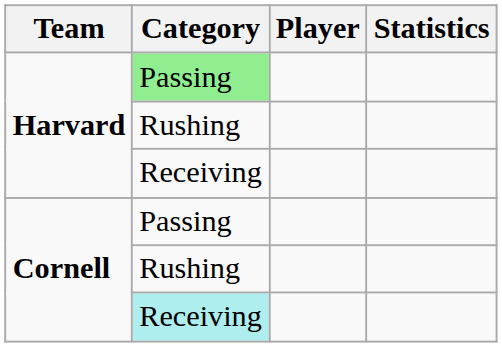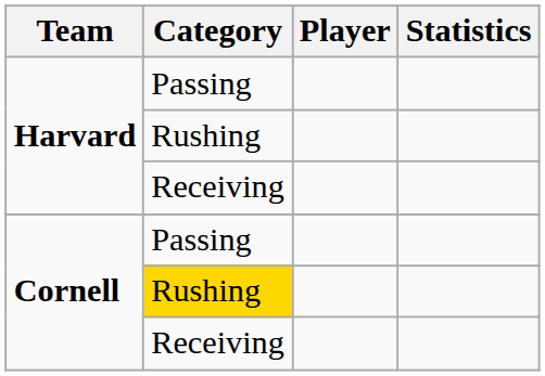 <table class="wikitable" style="float: right;">
 <tr>
 <th>Team</th>
 <th>Category</th>
 <th>Player</th>
 <th>Statistics</th>
 </tr>
 <tr>
 <td rowspan=3><strong>Harvard</strong></td>
-<td style="background: lightgreen;">Passing</td>
+<td>Passing</td>
 <td></td>
 <td></td>
 </tr>
 <tr>
 <td>Rushing</td>
 <td></td>
 <td></td>
 </tr>
 <tr>
 <td>Receiving</td>
 <td></td>
 <td></td>
 </tr>
 <tr>
 <td rowspan=3><strong>Cornell</strong></td>
 <td>Passing</td>
 <td></td>
 <td></td>
 </tr>
 <tr>
-<td>Rushing</td>
+<td style="background: gold;">Rushing</td>
 <td></td>
 <td></td>
 </tr>
 <tr>
-<td style="background: paleturquoise;">Receiving</td>
+<td>Receiving</td>
 <td></td>
 <td></td>
 </tr>
 </table>
